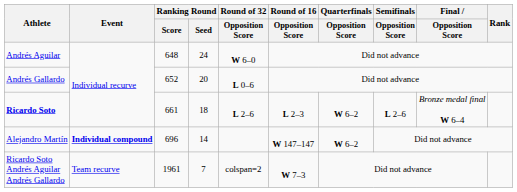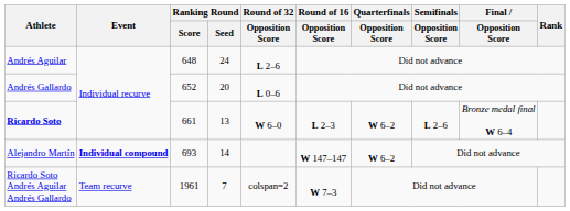 <table class="wikitable" style="font-size:90%">
 <tr>
 <th rowspan="2">Athlete</th>
 <th rowspan="2">Event</th>
 <th colspan="2">Ranking Round</th>
 <th>Round of 32</th>
 <th>Round of 16</th>
 <th>Quarterfinals</th>
 <th>Semifinals</th>
 <th>Final / </th>
 <th rowspan="2">Rank</th>
 </tr>
 <tr style="font-size:95%">
 <th>Score</th>
 <th>Seed</th>
 <th>Opposition<br>Score</th>
 <th>Opposition<br>Score</th>
 <th>Opposition<br>Score</th>
 <th>Opposition<br>Score</th>
 <th>Opposition<br>Score</th>
 </tr>
 <tr style="text-align:center">
 <td style="text-align:left"><a href='#'>Andrés Aguilar</a></td>
 <td style="text-align:left" rowspan=3><a href='#'>Individual recurve</a></td>
 <td>648</td>
 <td>24</td>
-<td><br><strong>W</strong> 6–0</td>
+<td><br><strong>L</strong> 2–6</td>
 <td colspan="5">Did not advance</td>
 </tr>
 <tr style="text-align:center">
 <td style="text-align:left"><a href='#'>Andrés Gallardo</a></td>
 <td>652</td>
 <td>20</td>
 <td><br><strong>L</strong> 0–6</td>
 <td colspan="5">Did not advance</td>
 </tr>
 <tr style="text-align:center"center>
 <td style="text-align:left"><strong><a href='#'>Ricardo Soto</a></strong></td>
 <td>661</td>
-<td>18</td>
-<td><br><strong>L</strong> 2–6</td>
+<td>13</td>
+<td><br><strong>W</strong> 6–0</td>
 <td><br><strong>L</strong> 2–3</td>
 <td><br><strong>W</strong> 6–2</td>
 <td><br><strong>L</strong> 2–6</td>
 <td><em>Bronze medal final</em><br><br><strong>W</strong> 6–4</td>
 <td></td>
 </tr>
 <tr style="text-align:center">
 <td style="text-align:left"><a href='#'>Alejandro Martín</a></td>
 <td style="text-align:left"><strong><a href='#'>Individual compound</a></strong></td>
-<td>696</td>
+<td>693</td>
 <td>14</td>
 <td></td>
 <td><br><strong>W</strong> 147–147</td>
 <td><br><strong>W</strong> 6–2</td>
 <td colspan="3">Did not advance</td>
 </tr>
 <tr style="text-align:center">
 <td style="text-align:left"><a href='#'>Ricardo Soto</a><br><a href='#'>Andrés Aguilar</a><br><a href='#'>Andrés Gallardo</a></td>
 <td style="text-align:left"><a href='#'>Team recurve</a></td>
 <td>1961</td>
 <td>7</td>
 <td>colspan=2 </td>
 <td><br><strong>W</strong> 7–3</td>
 <td colspan="3">Did not advance</td>
 </tr>
 </table>
